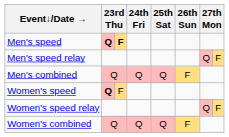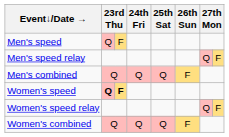 <table class="wikitable" style="margin:0.5em auto; font-size:90%; line-height:1.25em; text-align:center">
 <tr>
 <th>Event↓/Date →</th>
 <th colspan=2>23rd<br>Thu</th>
 <th>24th<br>Fri</th>
 <th>25th<br>Sat</th>
 <th>26th<br>Sun</th>
 <th colspan=2>27th<br>Mon</th>
 </tr>
 <tr>
 <td align="left"><a href='#'>Men's speed</a></td>
-<td bgcolor="#FFBBBB"><strong>Q</strong></td>
-<td bgcolor="#FFDF80"><strong>F</strong></td>
+<td bgcolor="#FFBBBB">Q</td>
+<td bgcolor="#FFDF80">F</td>
 <td></td>
 <td></td>
 <td></td>
 <td colspan=2></td>
 </tr>
 <tr>
 <td align="left"><a href='#'>Men's speed relay</a></td>
 <td colspan=2></td>
 <td></td>
 <td></td>
 <td></td>
 <td bgcolor="#FFBBBB">Q</td>
 <td bgcolor="#FFDF80">F</td>
 </tr>
 <tr>
 <td align="left"><a href='#'>Men's combined</a></td>
 <td colspan=2 bgcolor="#FFBBBB">Q</td>
 <td bgcolor="#FFBBBB">Q</td>
 <td bgcolor="#FFBBBB">Q</td>
 <td bgcolor="#FFDF80">F</td>
 <td colspan=2></td>
 </tr>
 <tr>
 <td align="left"><a href='#'>Women's speed</a></td>
 <td bgcolor="#FFBBBB"><strong>Q</strong></td>
-<td bgcolor="#FFDF80">F</td>
+<td bgcolor="#FFDF80"><strong>F</strong></td>
 <td></td>
 <td></td>
 <td></td>
 <td colspan=2></td>
 </tr>
 <tr>
 <td align="left"><a href='#'>Women's speed relay</a></td>
 <td colspan=2></td>
 <td></td>
 <td></td>
 <td></td>
 <td bgcolor="#FFBBBB">Q</td>
 <td bgcolor="#FFDF80">F</td>
 </tr>
 <tr>
 <td align="left"><a href='#'>Women's combined</a></td>
 <td colspan=2 bgcolor="#FFBBBB">Q</td>
 <td bgcolor="#FFBBBB">Q</td>
 <td bgcolor="#FFBBBB">Q</td>
 <td bgcolor="#FFDF80">F</td>
 <td colspan=2></td>
 </tr>
 </table>
